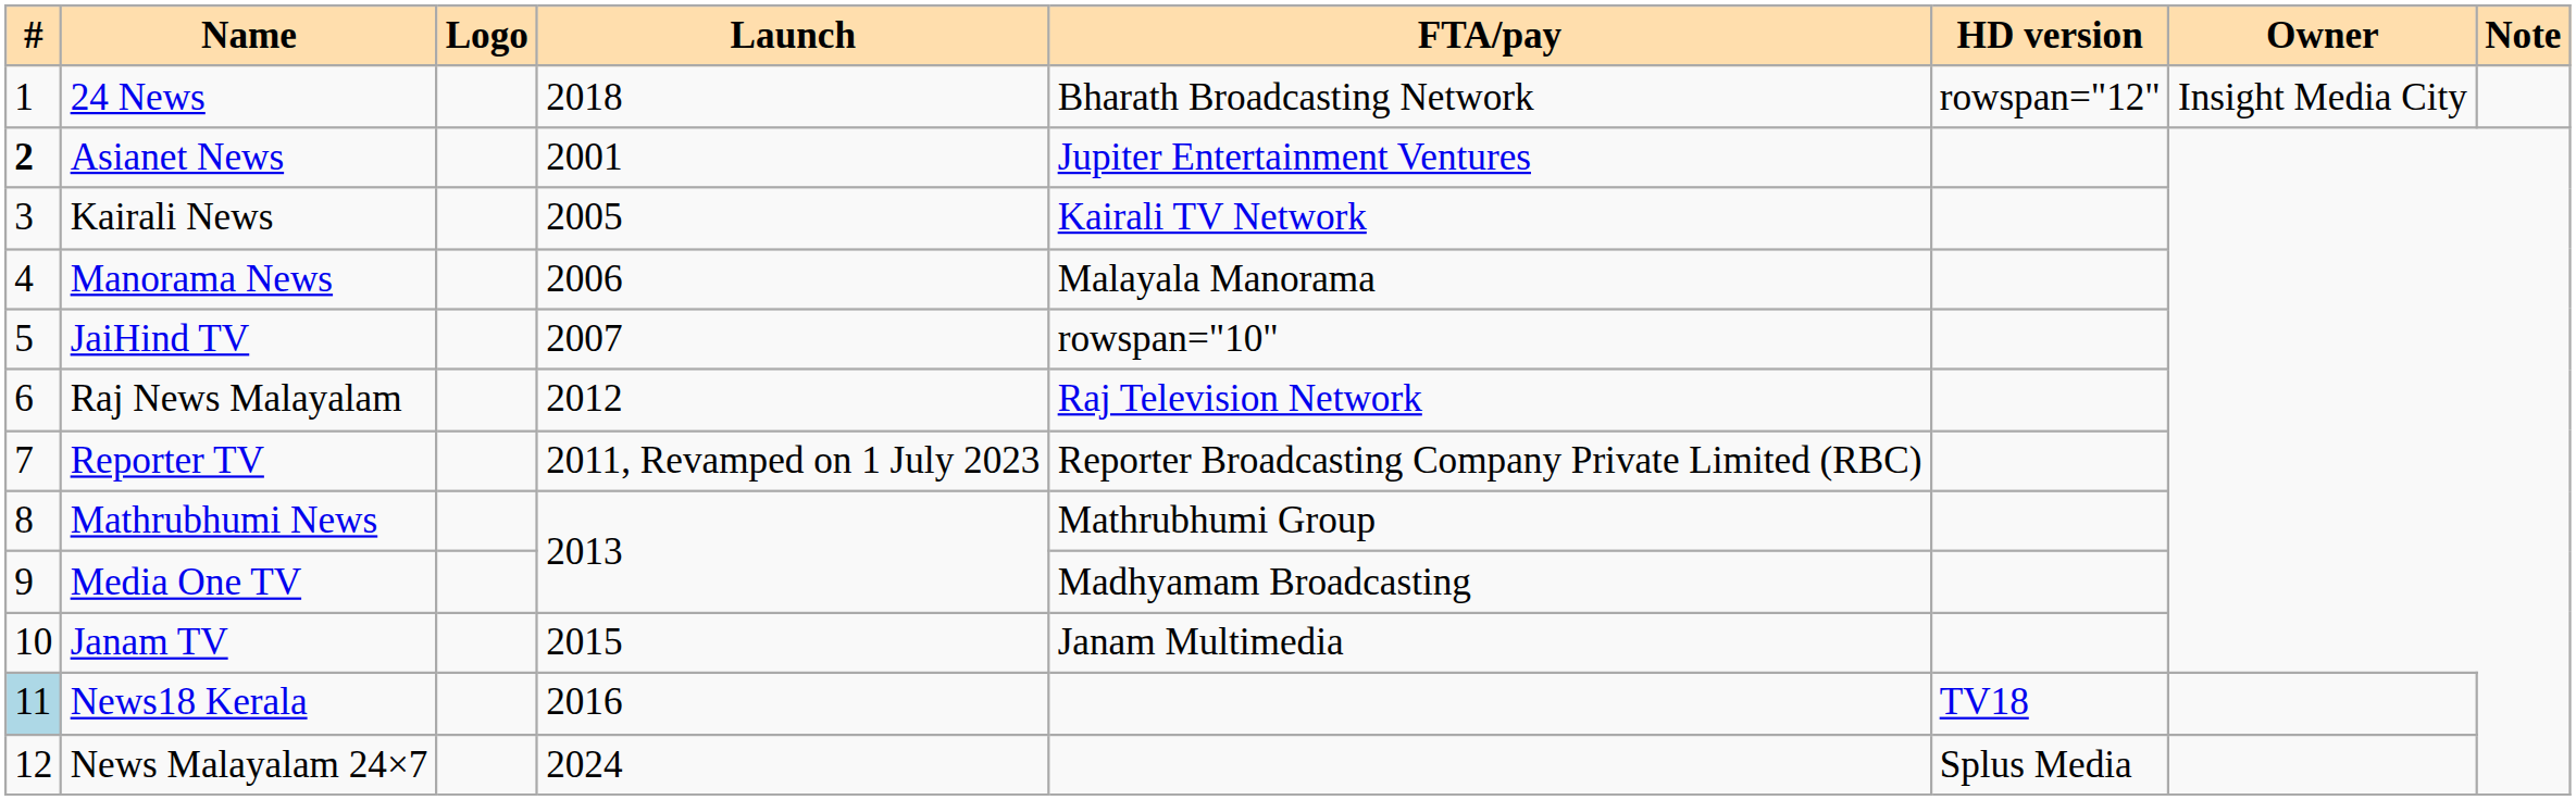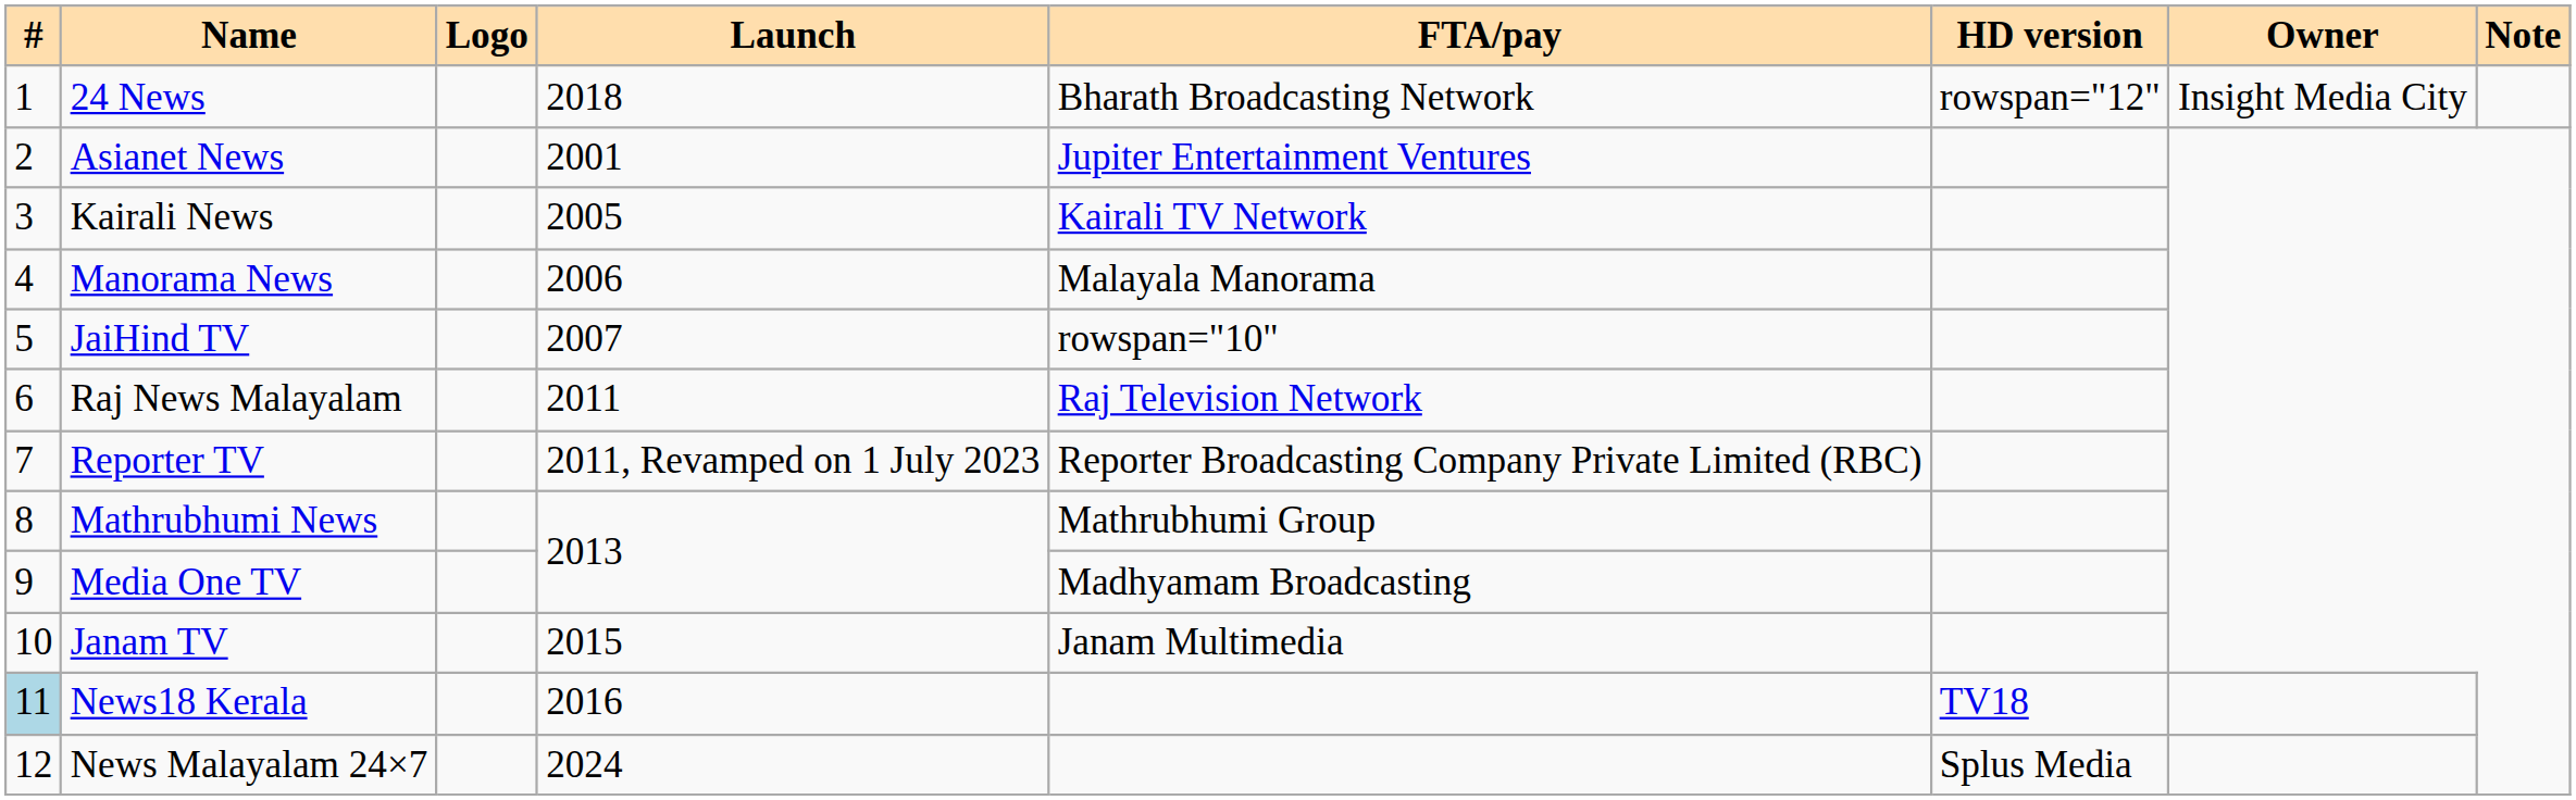 <table class="wikitable sortable">
 <tr>
 <th style="background-color:navajowhite">#</th>
 <th style="background-color:navajowhite">Name</th>
 <th style="background-color:navajowhite">Logo</th>
 <th style="background-color:navajowhite">Launch</th>
 <th style="background-color:navajowhite">FTA/pay</th>
 <th style="background-color:navajowhite">HD version</th>
 <th style="background-color:navajowhite">Owner</th>
 <th style="background-color:navajowhite">Note</th>
 </tr>
 <tr>
 <td>1</td>
 <td><a href='#'>24 News</a></td>
 <td></td>
 <td>2018</td>
 <td>Bharath Broadcasting Network</td>
 <td>rowspan="12" </td>
 <td>Insight Media City</td>
 <td></td>
 </tr>
 <tr>
-<td><strong>2</strong></td>
+<td>2</td>
 <td><a href='#'>Asianet News</a></td>
 <td></td>
 <td>2001</td>
 <td><a href='#'>Jupiter Entertainment Ventures</a></td>
 <td></td>
 </tr>
 <tr>
 <td>3</td>
 <td>Kairali News</td>
 <td></td>
 <td>2005</td>
 <td><a href='#'>Kairali TV Network</a></td>
 <td></td>
 </tr>
 <tr>
 <td>4</td>
 <td><a href='#'>Manorama News</a></td>
 <td></td>
 <td>2006</td>
 <td>Malayala Manorama</td>
 <td></td>
 </tr>
 <tr>
 <td>5</td>
 <td><a href='#'>JaiHind TV</a></td>
 <td></td>
 <td>2007</td>
 <td>rowspan="10" </td>
 <td></td>
 </tr>
 <tr>
 <td>6</td>
 <td>Raj News Malayalam</td>
 <td></td>
-<td>2012</td>
+<td>2011</td>
 <td><a href='#'>Raj Television Network</a></td>
 <td></td>
 </tr>
 <tr>
 <td>7</td>
 <td><a href='#'>Reporter TV</a></td>
 <td></td>
 <td>2011, Revamped on 1 July 2023</td>
 <td>Reporter Broadcasting Company Private Limited (RBC)</td>
 <td></td>
 </tr>
 <tr>
 <td>8</td>
 <td><a href='#'>Mathrubhumi News</a></td>
 <td></td>
 <td rowspan="2">2013</td>
 <td>Mathrubhumi Group</td>
 <td></td>
 </tr>
 <tr>
 <td>9</td>
 <td><a href='#'>Media One TV</a></td>
 <td></td>
 <td>Madhyamam Broadcasting</td>
 <td></td>
 </tr>
 <tr>
 <td>10</td>
 <td><a href='#'>Janam TV</a></td>
 <td></td>
 <td>2015</td>
 <td>Janam Multimedia</td>
 <td></td>
 </tr>
 <tr>
 <td style="background: lightblue;">11</td>
 <td><a href='#'>News18 Kerala</a></td>
 <td></td>
 <td>2016</td>
 <td></td>
 <td><a href='#'>TV18</a></td>
 <td></td>
 </tr>
 <tr>
 <td>12</td>
 <td>News Malayalam 24×7</td>
 <td></td>
 <td>2024</td>
 <td></td>
 <td>Splus Media</td>
 <td></td>
 </tr>
 </table>
